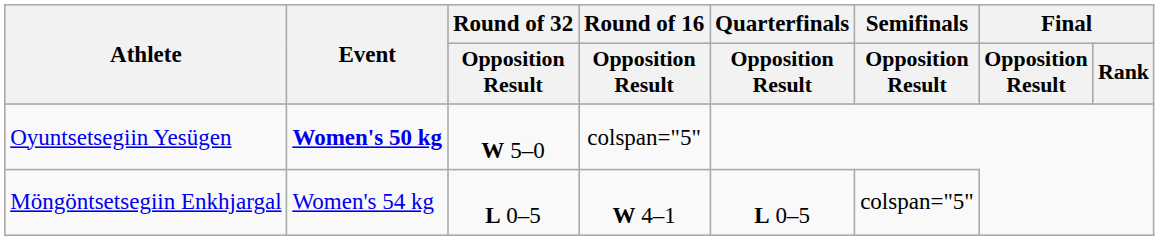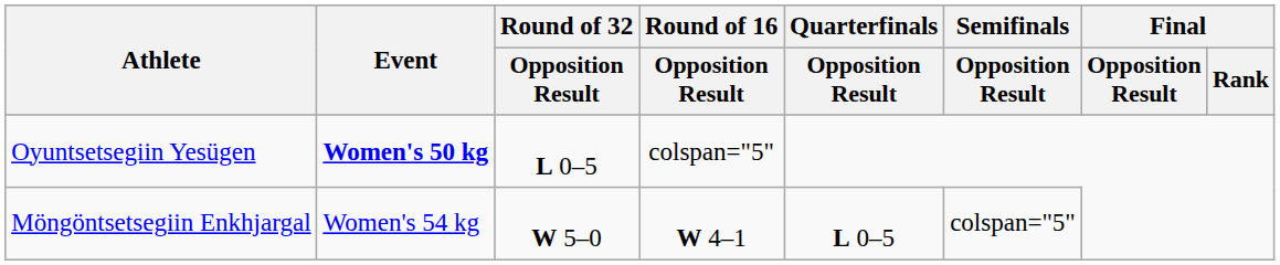 <table class="wikitable" style="font-size:90%">
 <tr>
 <th rowspan="2">Athlete</th>
 <th rowspan="2">Event</th>
 <th>Round of 32</th>
 <th>Round of 16</th>
 <th>Quarterfinals</th>
 <th>Semifinals</th>
 <th colspan=2>Final</th>
 </tr>
 <tr style="font-size:95%">
 <th>Opposition<br>Result</th>
 <th>Opposition<br>Result</th>
 <th>Opposition<br>Result</th>
 <th>Opposition<br>Result</th>
 <th>Opposition<br>Result</th>
 <th>Rank</th>
 </tr>
 <tr align=center>
 <td align=left><a href='#'>Oyuntsetsegiin Yesügen</a></td>
 <td align=left><strong><a href='#'>Women's 50 kg</a></strong></td>
-<td> <br> <strong>W</strong> 5–0</td>
+<td> <br> <strong>L</strong> 0–5</td>
 <td>colspan="5"</td>
 </tr>
 <tr align=center>
 <td align=left><a href='#'>Möngöntsetsegiin Enkhjargal</a></td>
 <td align=left><a href='#'>Women's 54 kg</a></td>
-<td> <br> <strong>L</strong> 0–5</td>
+<td> <br> <strong>W</strong> 5–0</td>
 <td><br> <strong>W</strong> 4–1</td>
 <td><br><strong>L</strong> 0–5</td>
 <td>colspan="5"</td>
 </tr>
 </table>
